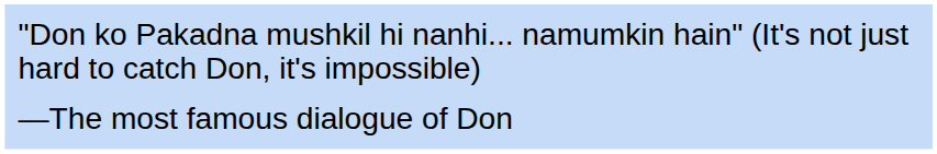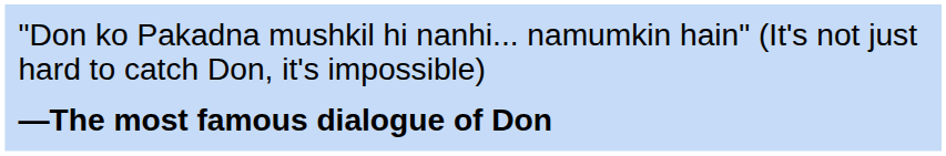 <table class="toccolours" style="float: right; margin-left: 1em; margin-right: 2em; font-size: 85%; background:#c6dbf7; color:black; width:30em; max-width: 40%;" cellspacing="5">
 <tr>
 <td style="text-align: left;">"Don ko Pakadna mushkil hi nanhi... namumkin hain" (It's not just hard to catch Don, it's impossible)</td>
 </tr>
 <tr>
-<td style="text-align: left;">—The most famous dialogue of Don</td>
+<td style="text-align: left;"><strong>—The most famous dialogue of Don</strong></td>
 </tr>
 </table>
